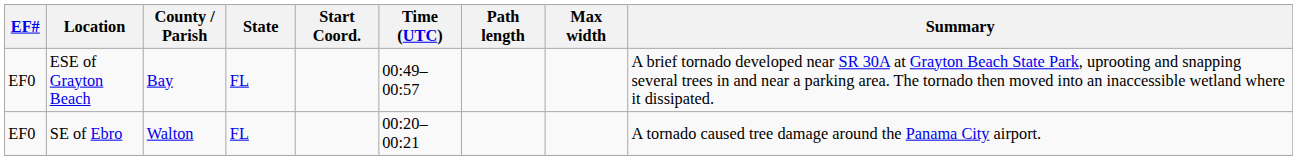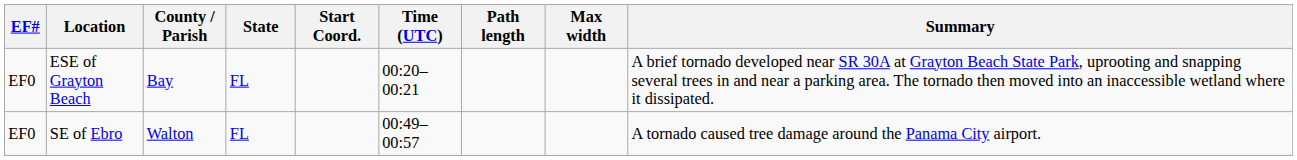 <table class="wikitable sortable" style="width:100%;">
 <tr>
 <th scope="col"  style="width:3%; text-align:center;"><a href='#'>EF#</a></th>
 <th scope="col"  style="width:7%; text-align:center;" class="unsortable">Location</th>
 <th scope="col"  style="width:6%; text-align:center;" class="unsortable">County / Parish</th>
 <th scope="col"  style="width:5%; text-align:center;">State</th>
 <th scope="col"  style="width:6%; text-align:center;">Start Coord.</th>
 <th scope="col"  style="width:6%; text-align:center;">Time (<a href='#'>UTC</a>)</th>
 <th scope="col"  style="width:6%; text-align:center;">Path length</th>
 <th scope="col"  style="width:6%; text-align:center;">Max width</th>
 <th scope="col" class="unsortable" style="width:48%; text-align:center;">Summary</th>
 </tr>
 <tr>
 <td>EF0</td>
 <td>ESE of <a href='#'>Grayton Beach</a></td>
 <td><a href='#'>Bay</a></td>
 <td><a href='#'>FL</a></td>
 <td></td>
-<td>00:49–00:57</td>
+<td>00:20–00:21</td>
 <td></td>
 <td></td>
 <td>A brief tornado developed near <a href='#'>SR 30A</a> at <a href='#'>Grayton Beach State Park</a>, uprooting and snapping several trees in and near a parking area. The tornado then moved into an inaccessible wetland where it dissipated.</td>
 </tr>
 <tr>
 <td>EF0</td>
 <td>SE of <a href='#'>Ebro</a></td>
 <td><a href='#'>Walton</a></td>
 <td><a href='#'>FL</a></td>
 <td></td>
-<td>00:20–00:21</td>
+<td>00:49–00:57</td>
 <td></td>
 <td></td>
 <td>A tornado caused tree damage around the <a href='#'>Panama City</a> airport.</td>
 </tr>
 <tr>
 </tr>
 </table>
